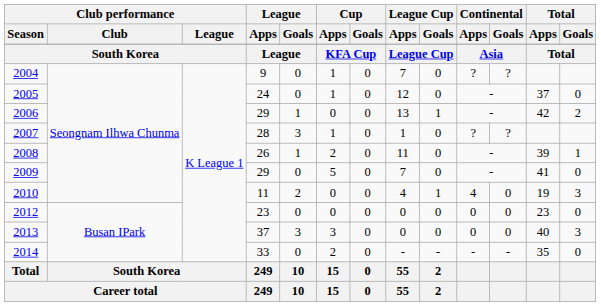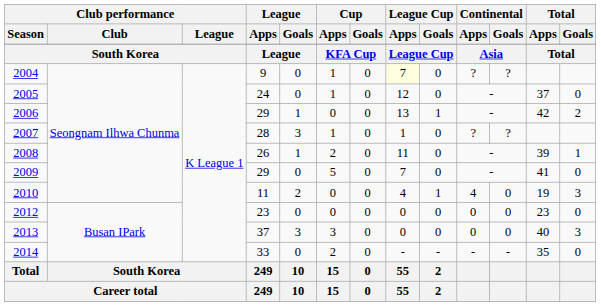 <table class="wikitable" style="text-align:center">
 <tr>
 <th colspan=3>Club performance</th>
 <th colspan=2>League</th>
 <th colspan=2>Cup</th>
 <th colspan=2>League Cup</th>
 <th colspan=2>Continental</th>
 <th colspan=2>Total</th>
 </tr>
 <tr>
 <th>Season</th>
 <th>Club</th>
 <th>League</th>
 <th>Apps</th>
 <th>Goals</th>
 <th>Apps</th>
 <th>Goals</th>
 <th>Apps</th>
 <th>Goals</th>
 <th>Apps</th>
 <th>Goals</th>
 <th>Apps</th>
 <th>Goals</th>
 </tr>
 <tr>
 </tr>
 <tr>
 <th colspan=3>South Korea</th>
 <th colspan=2>League</th>
 <th colspan=2><a href='#'>KFA Cup</a></th>
 <th colspan=2><a href='#'>League Cup</a></th>
 <th colspan=2><a href='#'>Asia</a></th>
 <th colspan=2>Total</th>
 </tr>
 <tr>
 <td><a href='#'>2004</a></td>
 <td rowspan="7"><a href='#'>Seongnam Ilhwa Chunma</a></td>
 <td rowspan="10"><a href='#'>K League 1</a></td>
 <td>9</td>
 <td>0</td>
 <td>1</td>
 <td>0</td>
-<td>7</td>
+<td style="background: lightyellow;">7</td>
 <td>0</td>
 <td>?</td>
 <td>?</td>
 <td></td>
 <td></td>
 </tr>
 <tr>
 <td><a href='#'>2005</a></td>
 <td>24</td>
 <td>0</td>
 <td>1</td>
 <td>0</td>
 <td>12</td>
 <td>0</td>
 <td colspan="2">-</td>
 <td>37</td>
 <td>0</td>
 </tr>
 <tr>
 <td><a href='#'>2006</a></td>
 <td>29</td>
 <td>1</td>
 <td>0</td>
 <td>0</td>
 <td>13</td>
 <td>1</td>
 <td colspan="2">-</td>
 <td>42</td>
 <td>2</td>
 </tr>
 <tr>
 <td><a href='#'>2007</a></td>
 <td>28</td>
 <td>3</td>
 <td>1</td>
 <td>0</td>
 <td>1</td>
 <td>0</td>
 <td>?</td>
 <td>?</td>
 <td></td>
 <td></td>
 </tr>
 <tr>
 <td><a href='#'>2008</a></td>
 <td>26</td>
 <td>1</td>
 <td>2</td>
 <td>0</td>
 <td>11</td>
 <td>0</td>
 <td colspan="2">-</td>
 <td>39</td>
 <td>1</td>
 </tr>
 <tr>
 <td><a href='#'>2009</a></td>
 <td>29</td>
 <td>0</td>
 <td>5</td>
 <td>0</td>
 <td>7</td>
 <td>0</td>
 <td colspan="2">-</td>
 <td>41</td>
 <td>0</td>
 </tr>
 <tr>
 <td><a href='#'>2010</a></td>
 <td>11</td>
 <td>2</td>
 <td>0</td>
 <td>0</td>
 <td>4</td>
 <td>1</td>
 <td>4</td>
 <td>0</td>
 <td>19</td>
 <td>3</td>
 </tr>
 <tr>
 <td><a href='#'>2012</a></td>
 <td rowspan="3"><a href='#'>Busan IPark</a></td>
 <td>23</td>
 <td>0</td>
 <td>0</td>
 <td>0</td>
 <td>0</td>
 <td>0</td>
 <td>0</td>
 <td>0</td>
 <td>23</td>
 <td>0</td>
 </tr>
 <tr>
 <td><a href='#'>2013</a></td>
 <td>37</td>
 <td>3</td>
 <td>3</td>
 <td>0</td>
 <td>0</td>
 <td>0</td>
 <td>0</td>
 <td>0</td>
 <td>40</td>
 <td>3</td>
 </tr>
 <tr>
 <td><a href='#'>2014</a></td>
 <td>33</td>
 <td>0</td>
 <td>2</td>
 <td>0</td>
 <td>-</td>
 <td>-</td>
 <td>-</td>
 <td>-</td>
 <td>35</td>
 <td>0</td>
 </tr>
 <tr>
 <th rowspan=1>Total</th>
 <th colspan=2>South Korea</th>
 <th>249</th>
 <th>10</th>
 <th>15</th>
 <th>0</th>
 <th>55</th>
 <th>2</th>
 <th></th>
 <th></th>
 <th></th>
 <th></th>
 </tr>
 <tr>
 <th colspan=3>Career total</th>
 <th>249</th>
 <th>10</th>
 <th>15</th>
 <th>0</th>
 <th>55</th>
 <th>2</th>
 <th></th>
 <th></th>
 <th></th>
 <th></th>
 </tr>
 </table>
